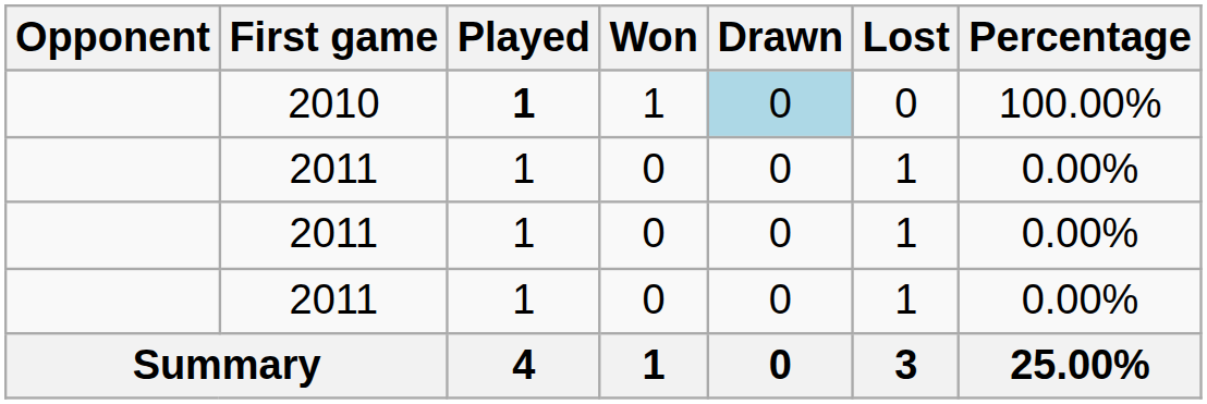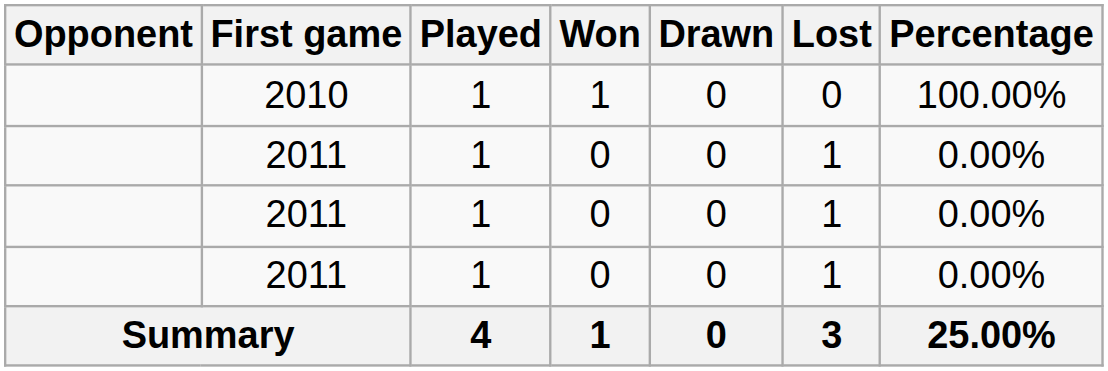 <table class="wikitable" style="text-align: center;">
 <tr>
 <th>Opponent</th>
 <th>First game</th>
 <th>Played</th>
 <th>Won</th>
 <th>Drawn</th>
 <th>Lost</th>
 <th>Percentage</th>
 </tr>
 <tr>
 <td style="text-align: left;"></td>
 <td>2010</td>
-<td><strong>1</strong></td>
 <td>1</td>
-<td style="background: lightblue;">0</td>
+<td>1</td>
+<td>0</td>
 <td>0</td>
 <td>100.00%</td>
 </tr>
 <tr>
 <td style="text-align: left;"></td>
 <td>2011</td>
 <td>1</td>
 <td>0</td>
 <td>0</td>
 <td>1</td>
 <td>0.00%</td>
 </tr>
 <tr>
 <td style="text-align: left;"></td>
 <td>2011</td>
 <td>1</td>
 <td>0</td>
 <td>0</td>
 <td>1</td>
 <td>0.00%</td>
 </tr>
 <tr>
 <td style="text-align: left;"></td>
 <td>2011</td>
 <td>1</td>
 <td>0</td>
 <td>0</td>
 <td>1</td>
 <td>0.00%</td>
 </tr>
 <tr>
 <th colspan=2>Summary</th>
 <th>4</th>
 <th>1</th>
 <th>0</th>
 <th>3</th>
 <th>25.00%</th>
 </tr>
 </table>
